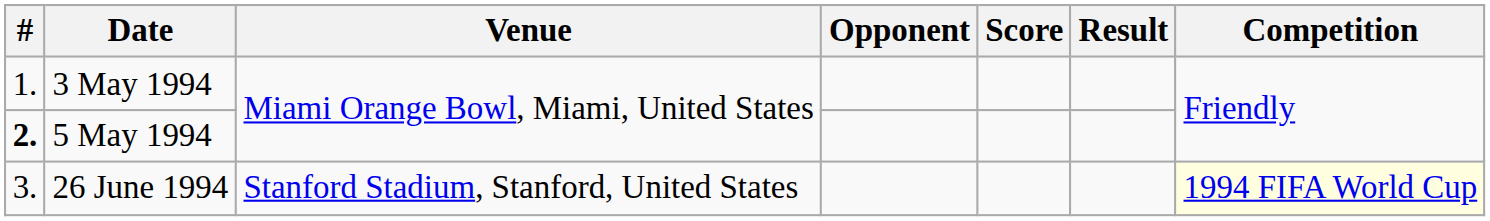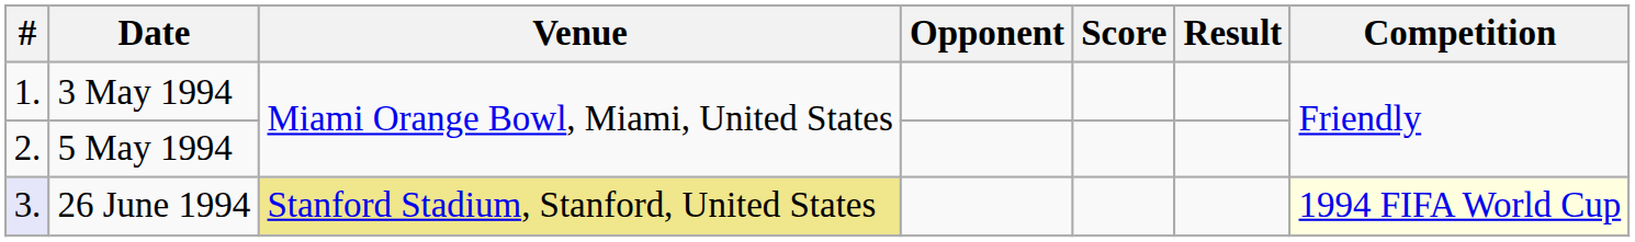 <table class="wikitable sortable" style="font-size:100%">
 <tr>
 <th>#</th>
 <th>Date</th>
 <th>Venue</th>
 <th>Opponent</th>
 <th>Score</th>
 <th>Result</th>
 <th>Competition</th>
 </tr>
 <tr>
 <td>1.</td>
 <td>3 May 1994</td>
 <td rowspan=2><a href='#'>Miami Orange Bowl</a>, Miami, United States</td>
 <td></td>
 <td></td>
 <td></td>
 <td rowspan=2><a href='#'>Friendly</a></td>
 </tr>
 <tr>
-<td><strong>2.</strong></td>
+<td>2.</td>
 <td>5 May 1994</td>
 <td></td>
 <td></td>
 <td></td>
 </tr>
 <tr>
-<td>3.</td>
+<td style="background: lavender;">3.</td>
 <td>26 June 1994</td>
-<td><a href='#'>Stanford Stadium</a>, Stanford, United States</td>
+<td style="background: khaki;"><a href='#'>Stanford Stadium</a>, Stanford, United States</td>
 <td></td>
 <td></td>
 <td></td>
 <td style="background: lightyellow;"><a href='#'>1994 FIFA World Cup</a></td>
 </tr>
 </table>
